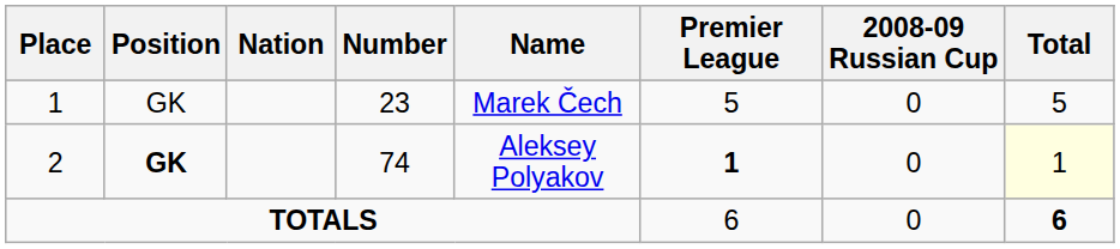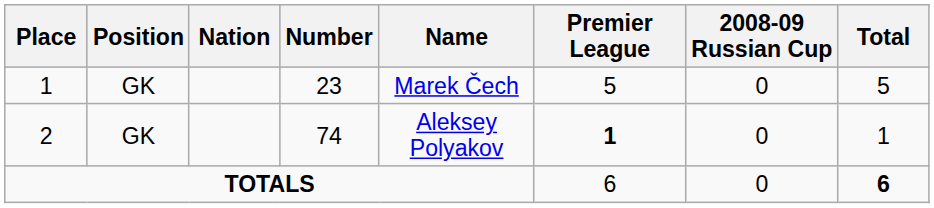 <table class="wikitable" style="font-size: 95%; text-align: center;">
 <tr>
 <th width=60>Place</th>
 <th width=60>Position</th>
 <th width=60>Nation</th>
 <th width=60>Number</th>
 <th width=150>Name</th>
 <th width=150>Premier League</th>
 <th width=150>2008-09 Russian Cup</th>
 <th width=80>Total</th>
 </tr>
 <tr>
 <td>1</td>
 <td>GK</td>
 <td></td>
 <td>23</td>
 <td><a href='#'>Marek Čech</a></td>
 <td>5</td>
 <td>0</td>
 <td>5</td>
 </tr>
 <tr>
 <td>2</td>
-<td><strong>GK</strong></td>
+<td>GK</td>
 <td></td>
 <td>74</td>
 <td><a href='#'>Aleksey Polyakov</a></td>
 <td><strong>1</strong></td>
 <td>0</td>
-<td style="background: lightyellow;">1</td>
+<td>1</td>
 </tr>
 <tr>
 <td colspan="5"><strong>TOTALS</strong></td>
 <td>6</td>
 <td>0</td>
 <td><strong>6</strong></td>
 </tr>
 </table>
